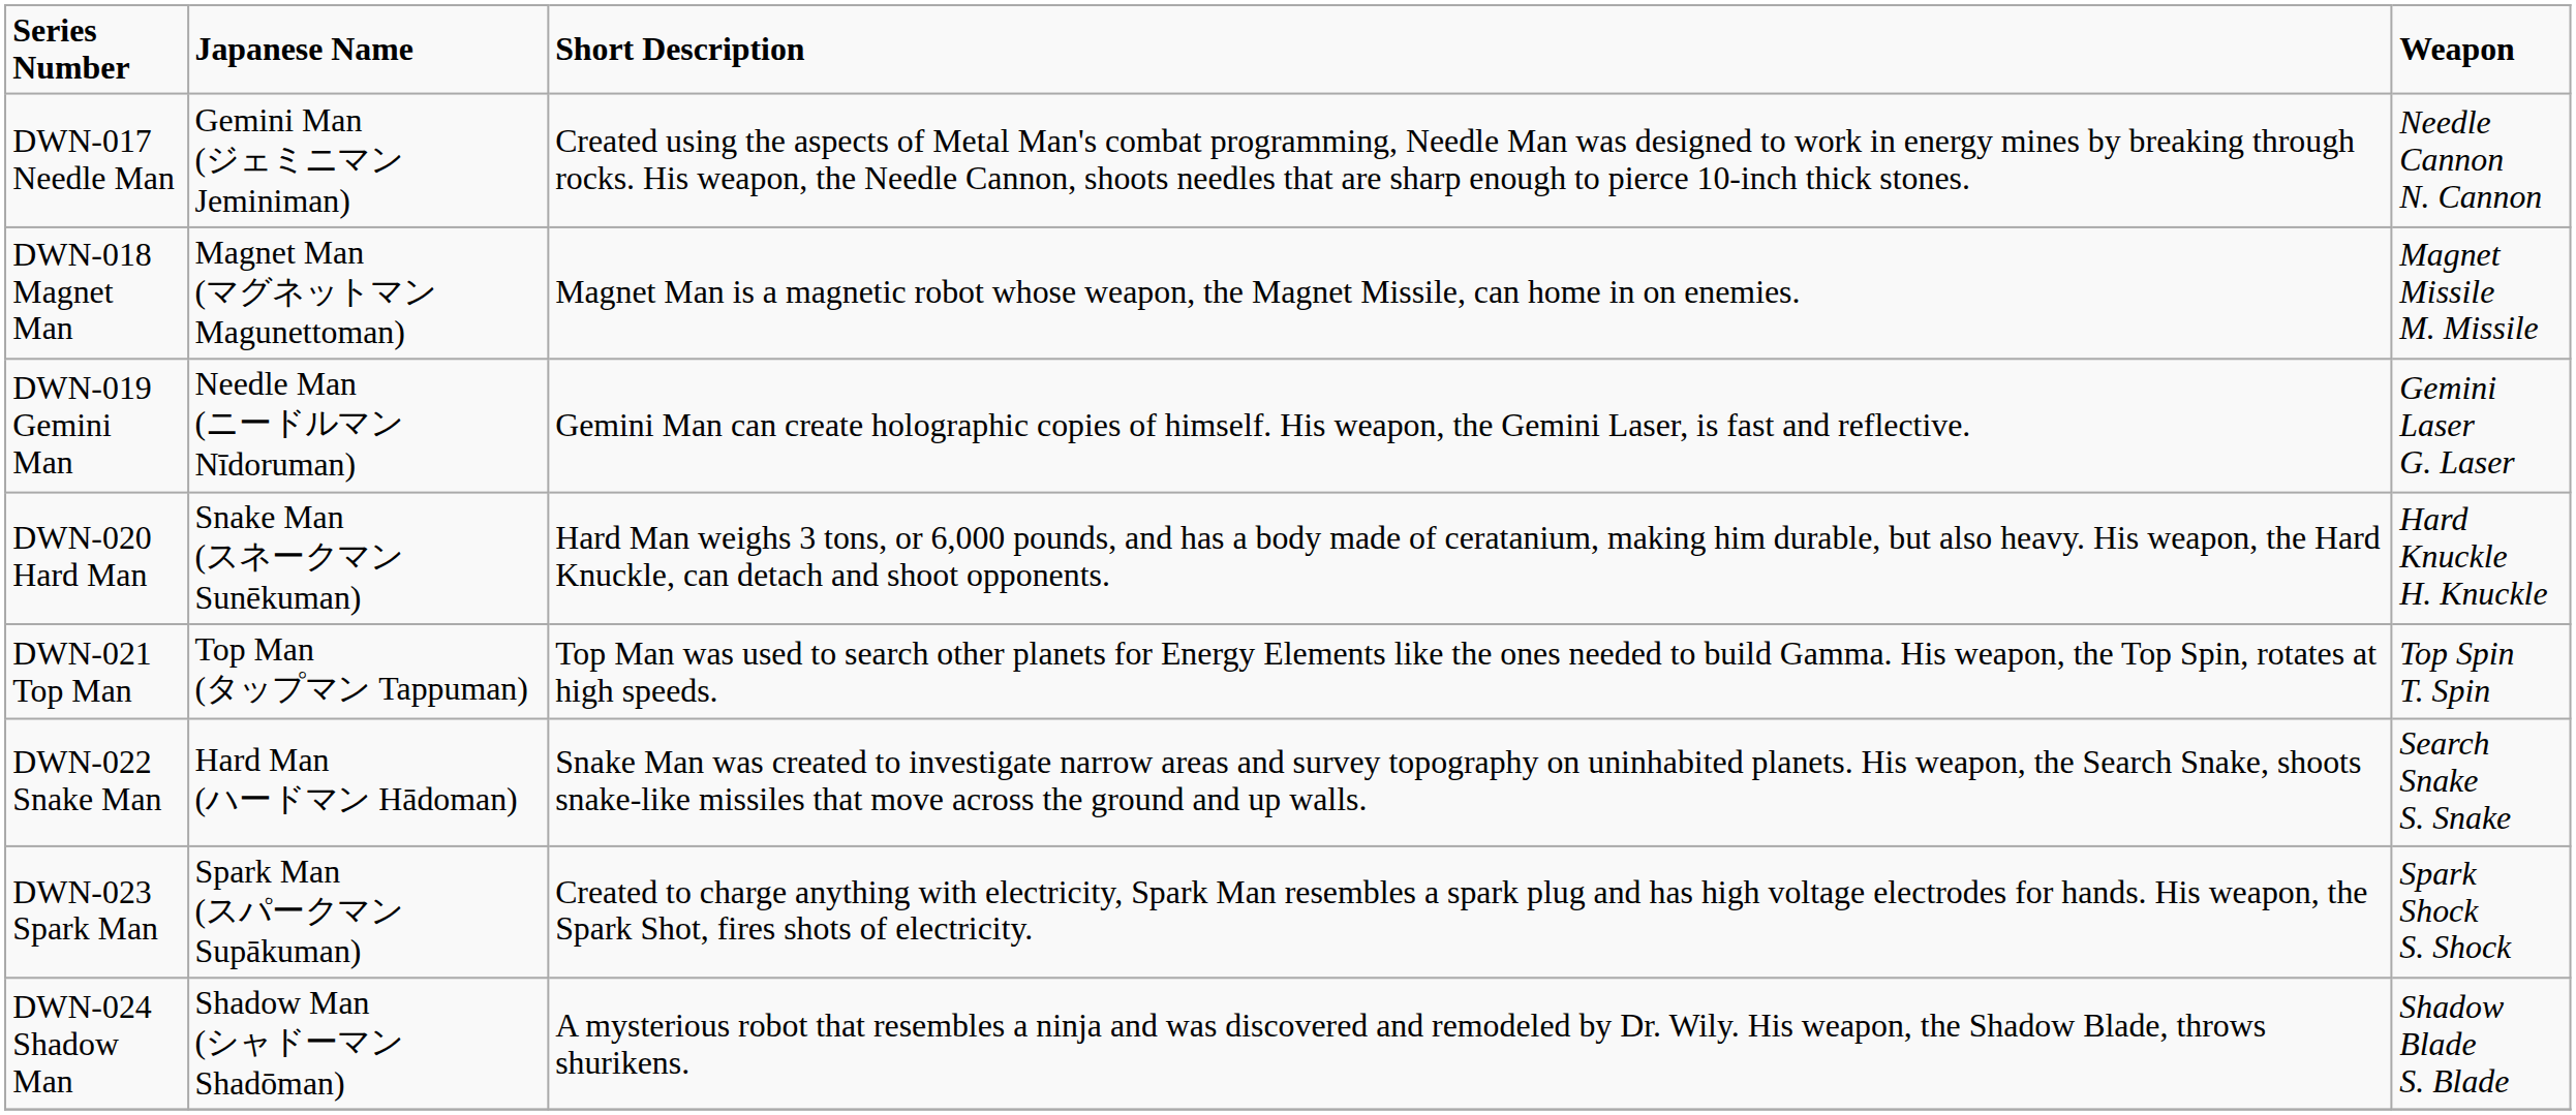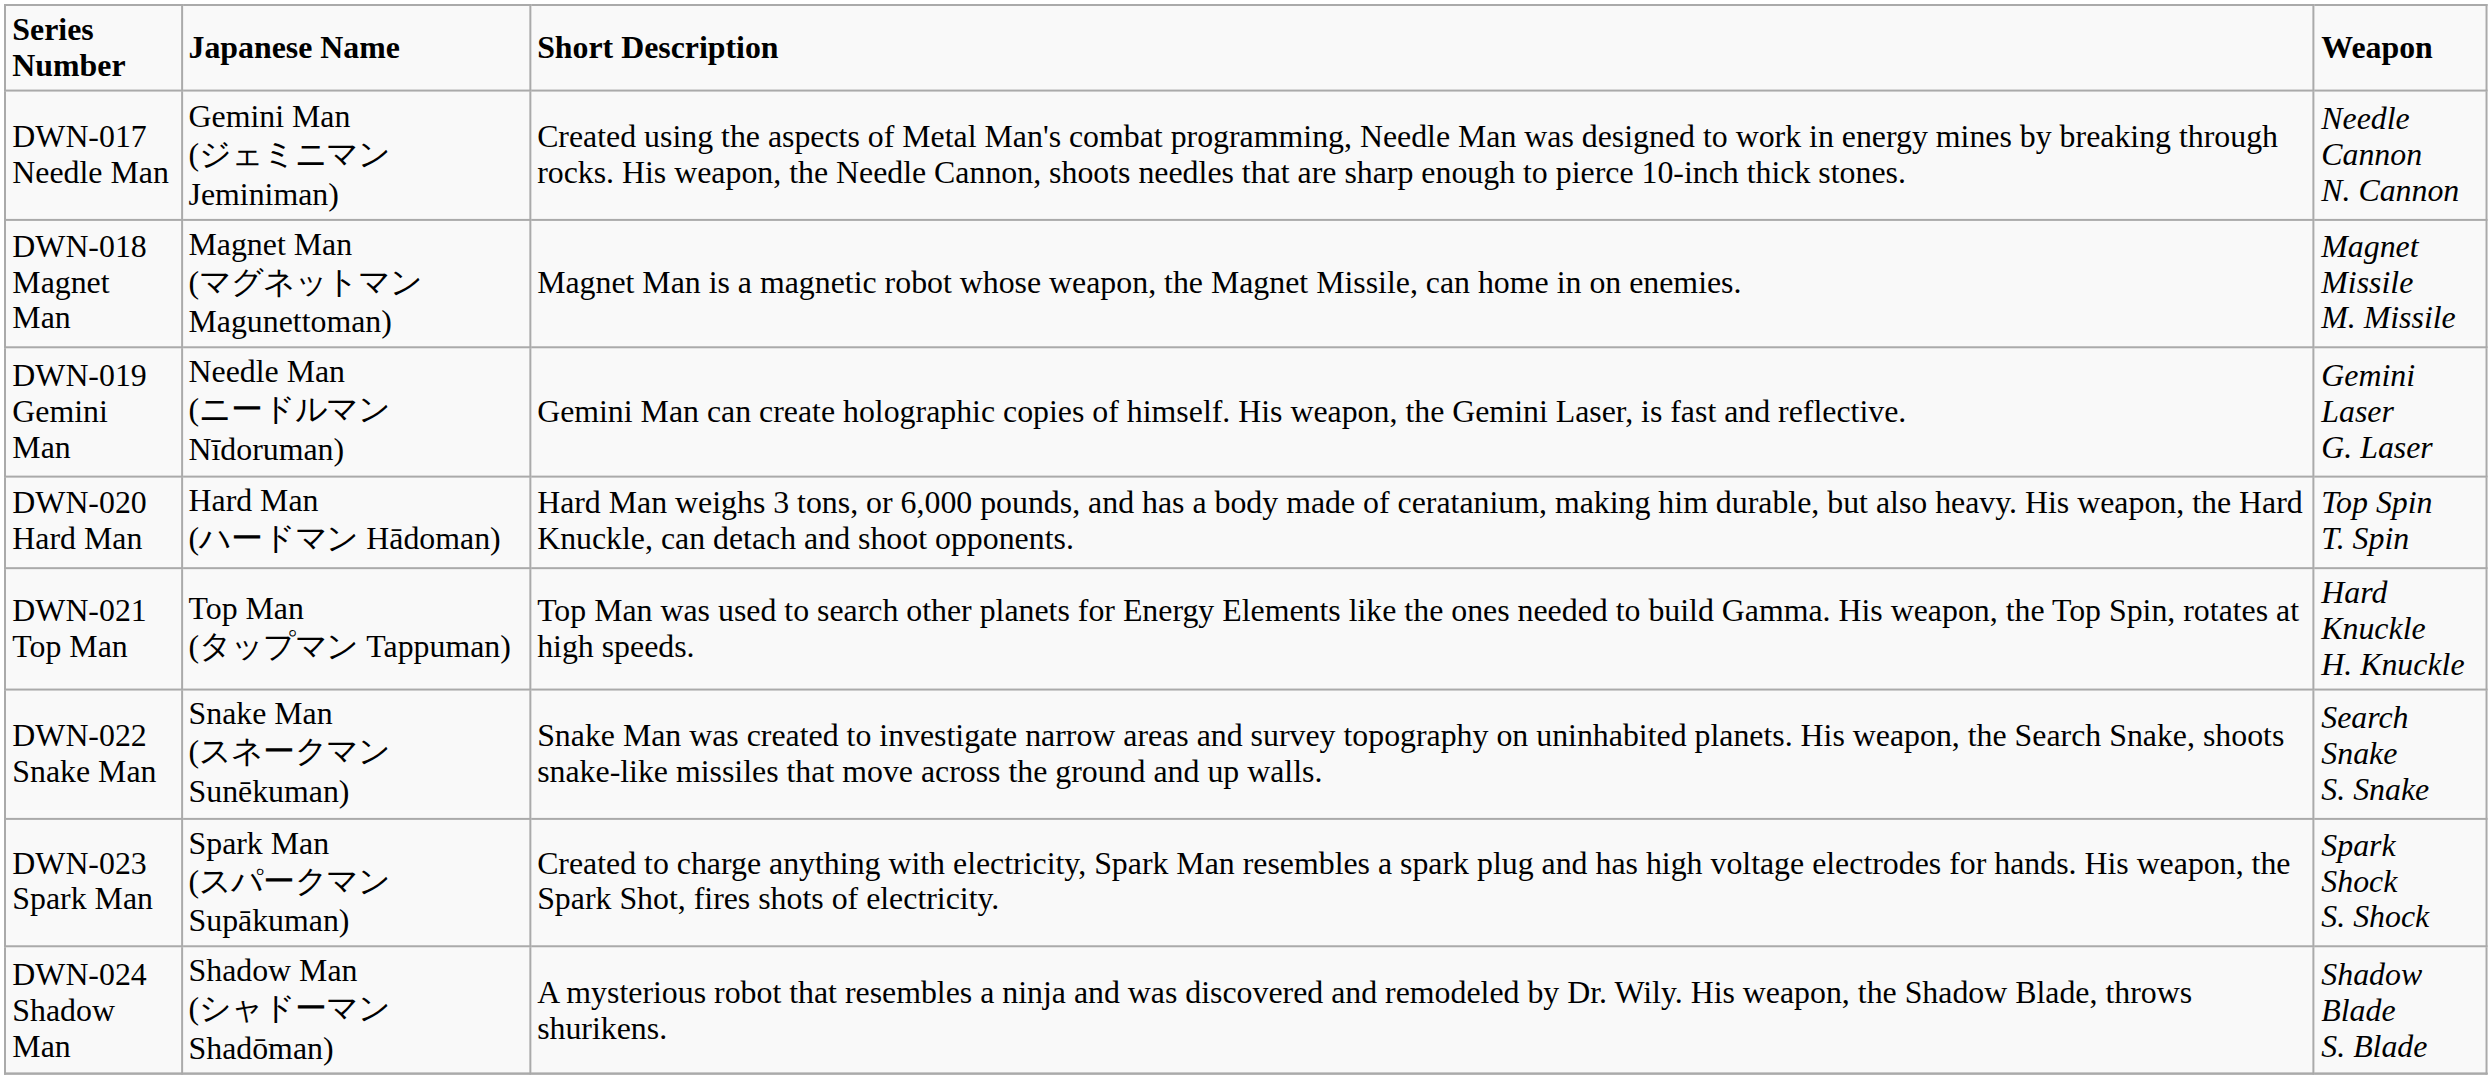 <table class="wikitable">
 <tr>
 <td><strong>Series Number</strong></td>
 <td><strong>Japanese Name</strong></td>
 <td><strong>Short Description</strong></td>
 <td><strong>Weapon</strong></td>
 </tr>
 <tr>
 <td>DWN-017<br>Needle Man</td>
 <td>Gemini Man<br>(ジェミニマン Jeminiman)</td>
 <td>Created using the aspects of Metal Man's combat programming, Needle Man was designed to work in energy mines by breaking through rocks. His weapon, the Needle Cannon,  shoots needles that are sharp enough to pierce 10-inch thick stones.</td>
 <td><em>Needle Cannon</em><br><em>N. Cannon</em></td>
 </tr>
 <tr>
 <td>DWN-018<br>Magnet Man</td>
 <td>Magnet Man<br>(マグネットマン Magunettoman)</td>
 <td>Magnet Man is a magnetic robot whose weapon, the Magnet Missile, can home in on enemies.</td>
 <td><em>Magnet Missile</em><br><em>M. Missile</em></td>
 </tr>
 <tr>
 <td>DWN-019<br>Gemini Man</td>
 <td>Needle Man<br>(ニードルマン Nīdoruman)</td>
 <td>Gemini Man can create holographic copies of himself. His weapon, the Gemini Laser, is fast and reflective.</td>
 <td><em>Gemini Laser</em><br><em>G. Laser</em></td>
 </tr>
 <tr>
 <td>DWN-020<br>Hard Man</td>
-<td>Snake Man<br>(スネークマン Sunēkuman)</td>
+<td>Hard Man<br>(ハードマン Hādoman)</td>
 <td>Hard Man weighs 3 tons, or 6,000 pounds, and has a body made of ceratanium, making him durable, but also heavy. His weapon, the Hard Knuckle, can detach and shoot  opponents.</td>
-<td><em>Hard Knuckle</em><br><em>H. Knuckle</em></td>
+<td><em>Top Spin</em><br><em>T. Spin</em></td>
 </tr>
 <tr>
 <td>DWN-021<br>Top Man</td>
 <td>Top Man<br>(タップマン Tappuman)</td>
 <td>Top Man was used to search other planets for Energy Elements like the ones needed to build Gamma. His weapon, the Top Spin, rotates at high speeds.</td>
-<td><em>Top Spin</em><br><em>T. Spin</em></td>
+<td><em>Hard Knuckle</em><br><em>H. Knuckle</em></td>
 </tr>
 <tr>
 <td>DWN-022<br>Snake Man</td>
-<td>Hard Man<br>(ハードマン Hādoman)</td>
+<td>Snake Man<br>(スネークマン Sunēkuman)</td>
 <td>Snake Man was created to investigate narrow areas and survey topography on uninhabited planets. His weapon, the Search Snake, shoots snake-like missiles that move across the ground and up walls.</td>
 <td><em>Search Snake</em><br><em>S. Snake</em></td>
 </tr>
 <tr>
 <td>DWN-023<br>Spark Man</td>
 <td>Spark Man<br>(スパークマン Supākuman)</td>
 <td>Created to charge anything with electricity, Spark Man resembles a spark plug and has high voltage electrodes for hands. His weapon, the Spark Shot, fires shots of electricity.</td>
 <td><em>Spark Shock</em><br><em>S. Shock</em></td>
 </tr>
 <tr>
 <td>DWN-024<br>Shadow Man</td>
 <td>Shadow Man<br>(シャドーマン Shadōman)</td>
 <td>A mysterious robot that resembles a ninja and was discovered and remodeled by Dr. Wily. His weapon, the Shadow Blade, throws shurikens.</td>
 <td><em>Shadow Blade</em><br><em>S. Blade</em></td>
 </tr>
 <tr>
 </tr>
 </table>
